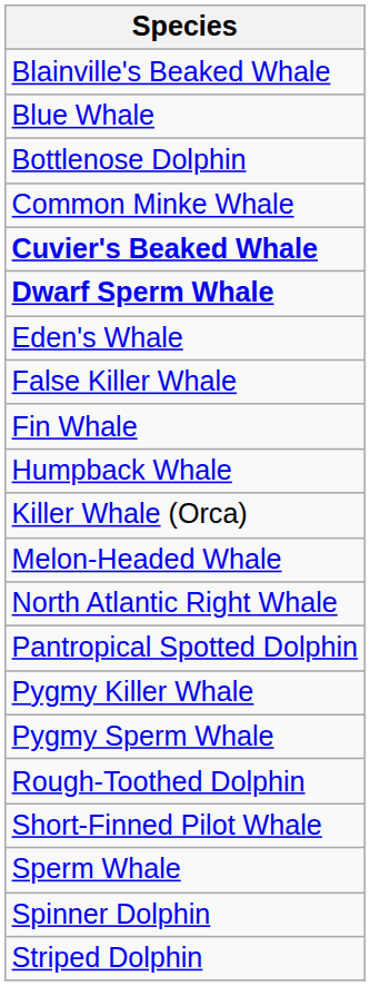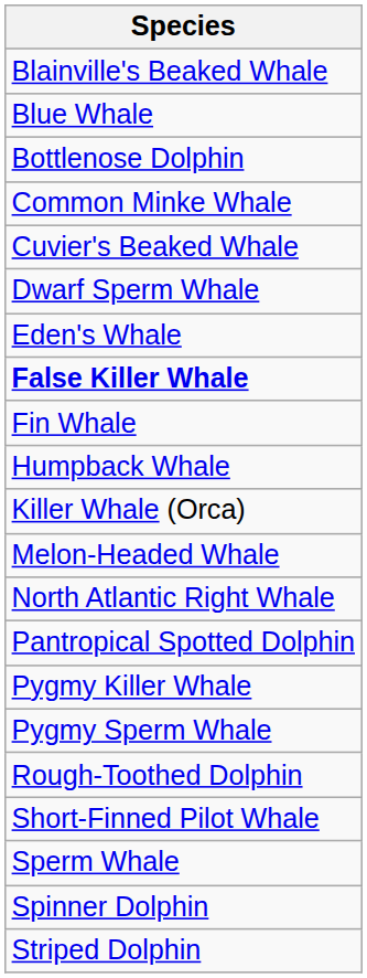 <table class="wikitable">
 <tr>
 <th>Species</th>
 </tr>
 <tr>
 <td><a href='#'>Blainville's Beaked Whale</a></td>
 </tr>
 <tr>
 <td><a href='#'>Blue Whale</a></td>
 </tr>
 <tr>
 <td><a href='#'>Bottlenose Dolphin</a></td>
 </tr>
 <tr>
 <td><a href='#'>Common Minke Whale</a></td>
 </tr>
 <tr>
-<td><strong><a href='#'>Cuvier's Beaked Whale</a></strong></td>
+<td><a href='#'>Cuvier's Beaked Whale</a></td>
 </tr>
 <tr>
-<td><strong><a href='#'>Dwarf Sperm Whale</a></strong></td>
+<td><a href='#'>Dwarf Sperm Whale</a></td>
 </tr>
 <tr>
 <td><a href='#'>Eden's Whale</a></td>
 </tr>
 <tr>
-<td><a href='#'>False Killer Whale</a></td>
+<td><strong><a href='#'>False Killer Whale</a></strong></td>
 </tr>
 <tr>
 <td><a href='#'>Fin Whale</a></td>
 </tr>
 <tr>
 <td><a href='#'>Humpback Whale</a></td>
 </tr>
 <tr>
 <td><a href='#'>Killer Whale</a> (Orca)</td>
 </tr>
 <tr>
 <td><a href='#'>Melon-Headed Whale</a></td>
 </tr>
 <tr>
 <td><a href='#'>North Atlantic Right Whale</a></td>
 </tr>
 <tr>
 <td><a href='#'>Pantropical Spotted Dolphin</a></td>
 </tr>
 <tr>
 <td><a href='#'>Pygmy Killer Whale</a></td>
 </tr>
 <tr>
 <td><a href='#'>Pygmy Sperm Whale</a></td>
 </tr>
 <tr>
 <td><a href='#'>Rough-Toothed Dolphin</a></td>
 </tr>
 <tr>
 <td><a href='#'>Short-Finned Pilot Whale</a></td>
 </tr>
 <tr>
 <td><a href='#'>Sperm Whale</a></td>
 </tr>
 <tr>
 <td><a href='#'>Spinner Dolphin</a></td>
 </tr>
 <tr>
 <td><a href='#'>Striped Dolphin</a></td>
 </tr>
 </table>
